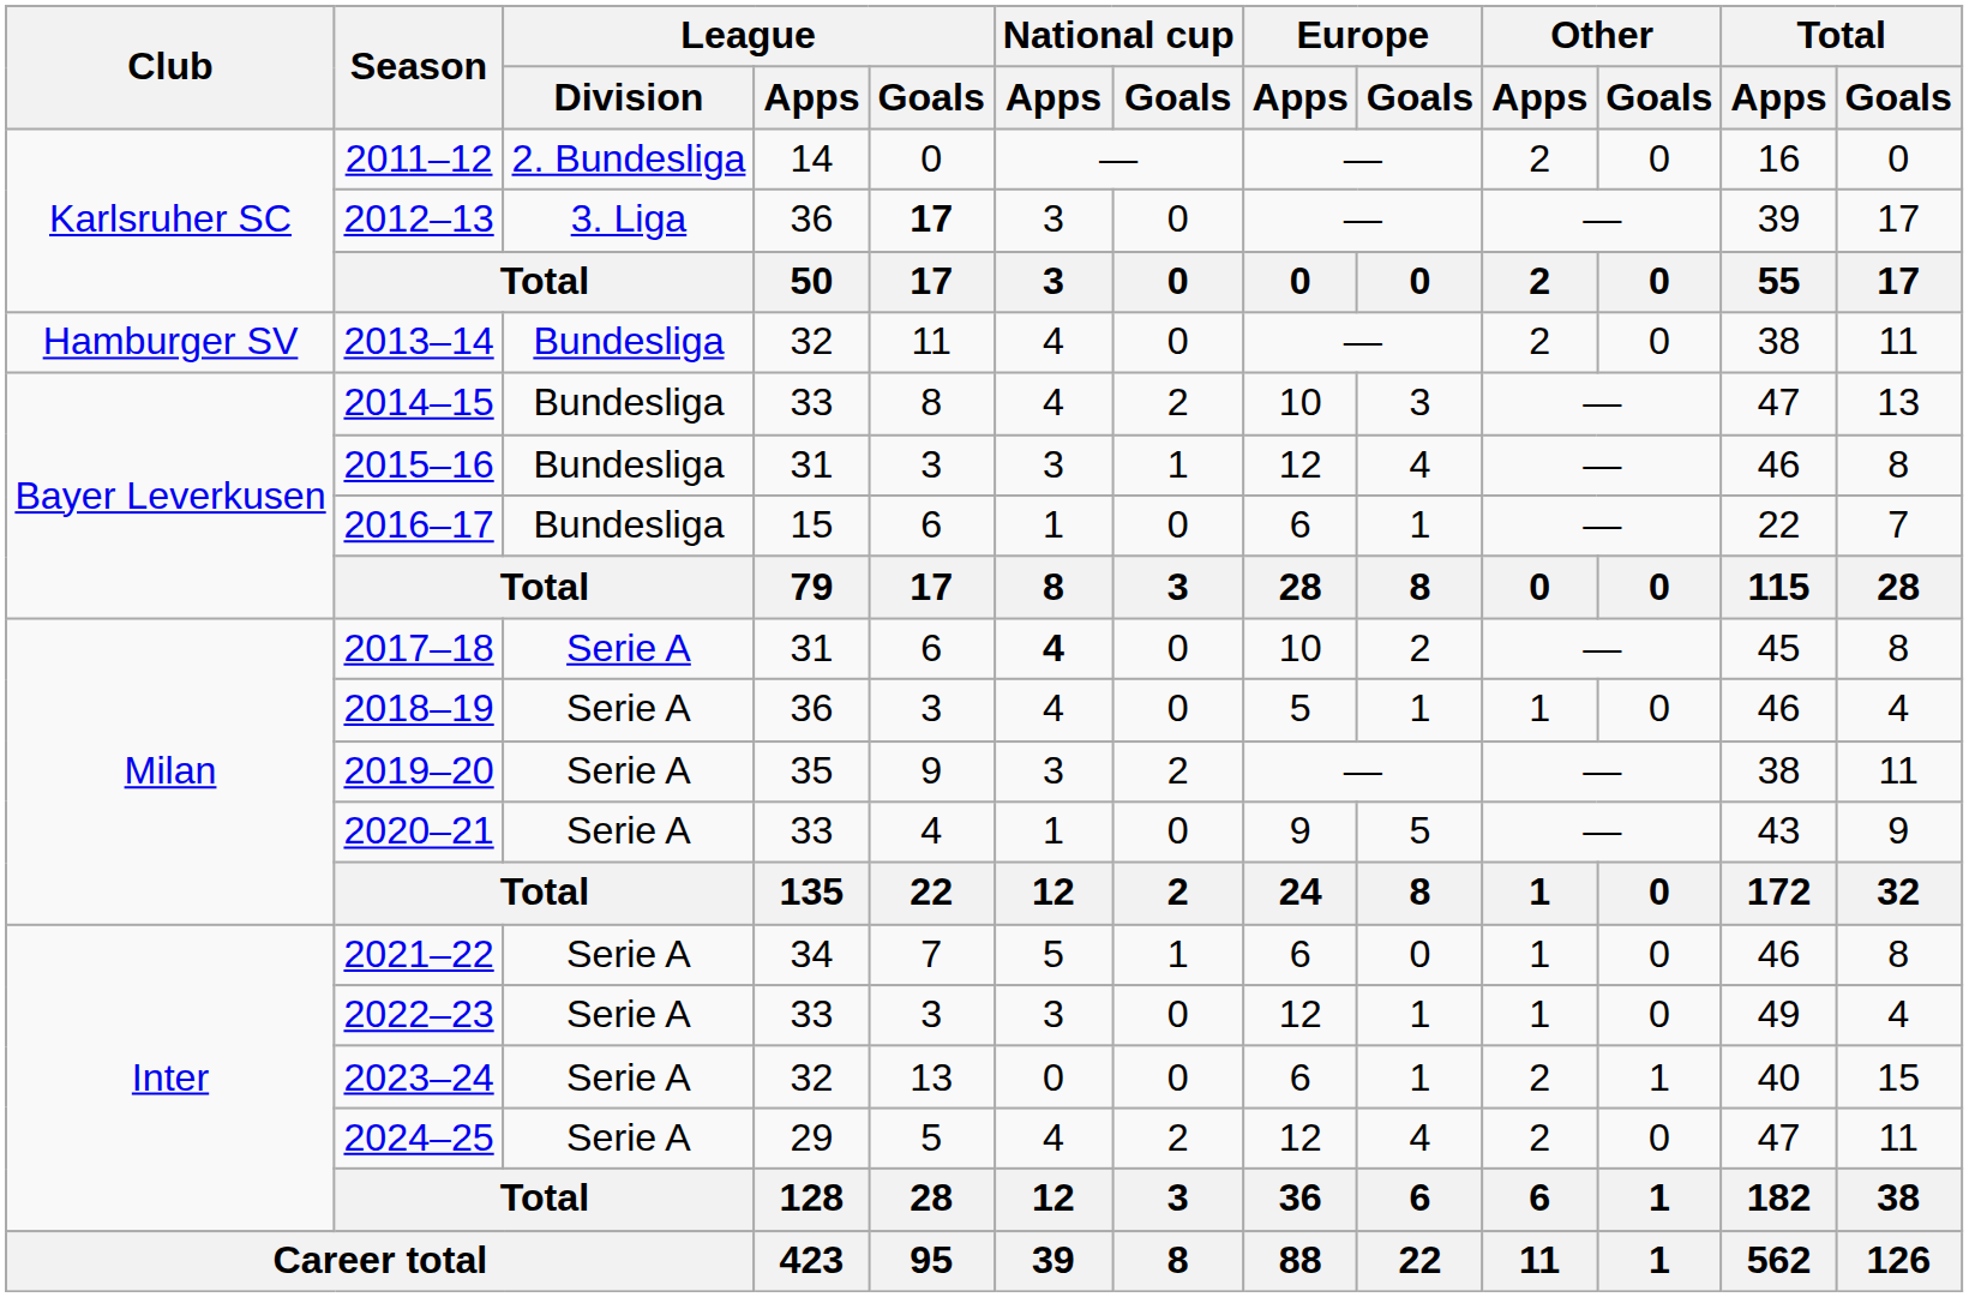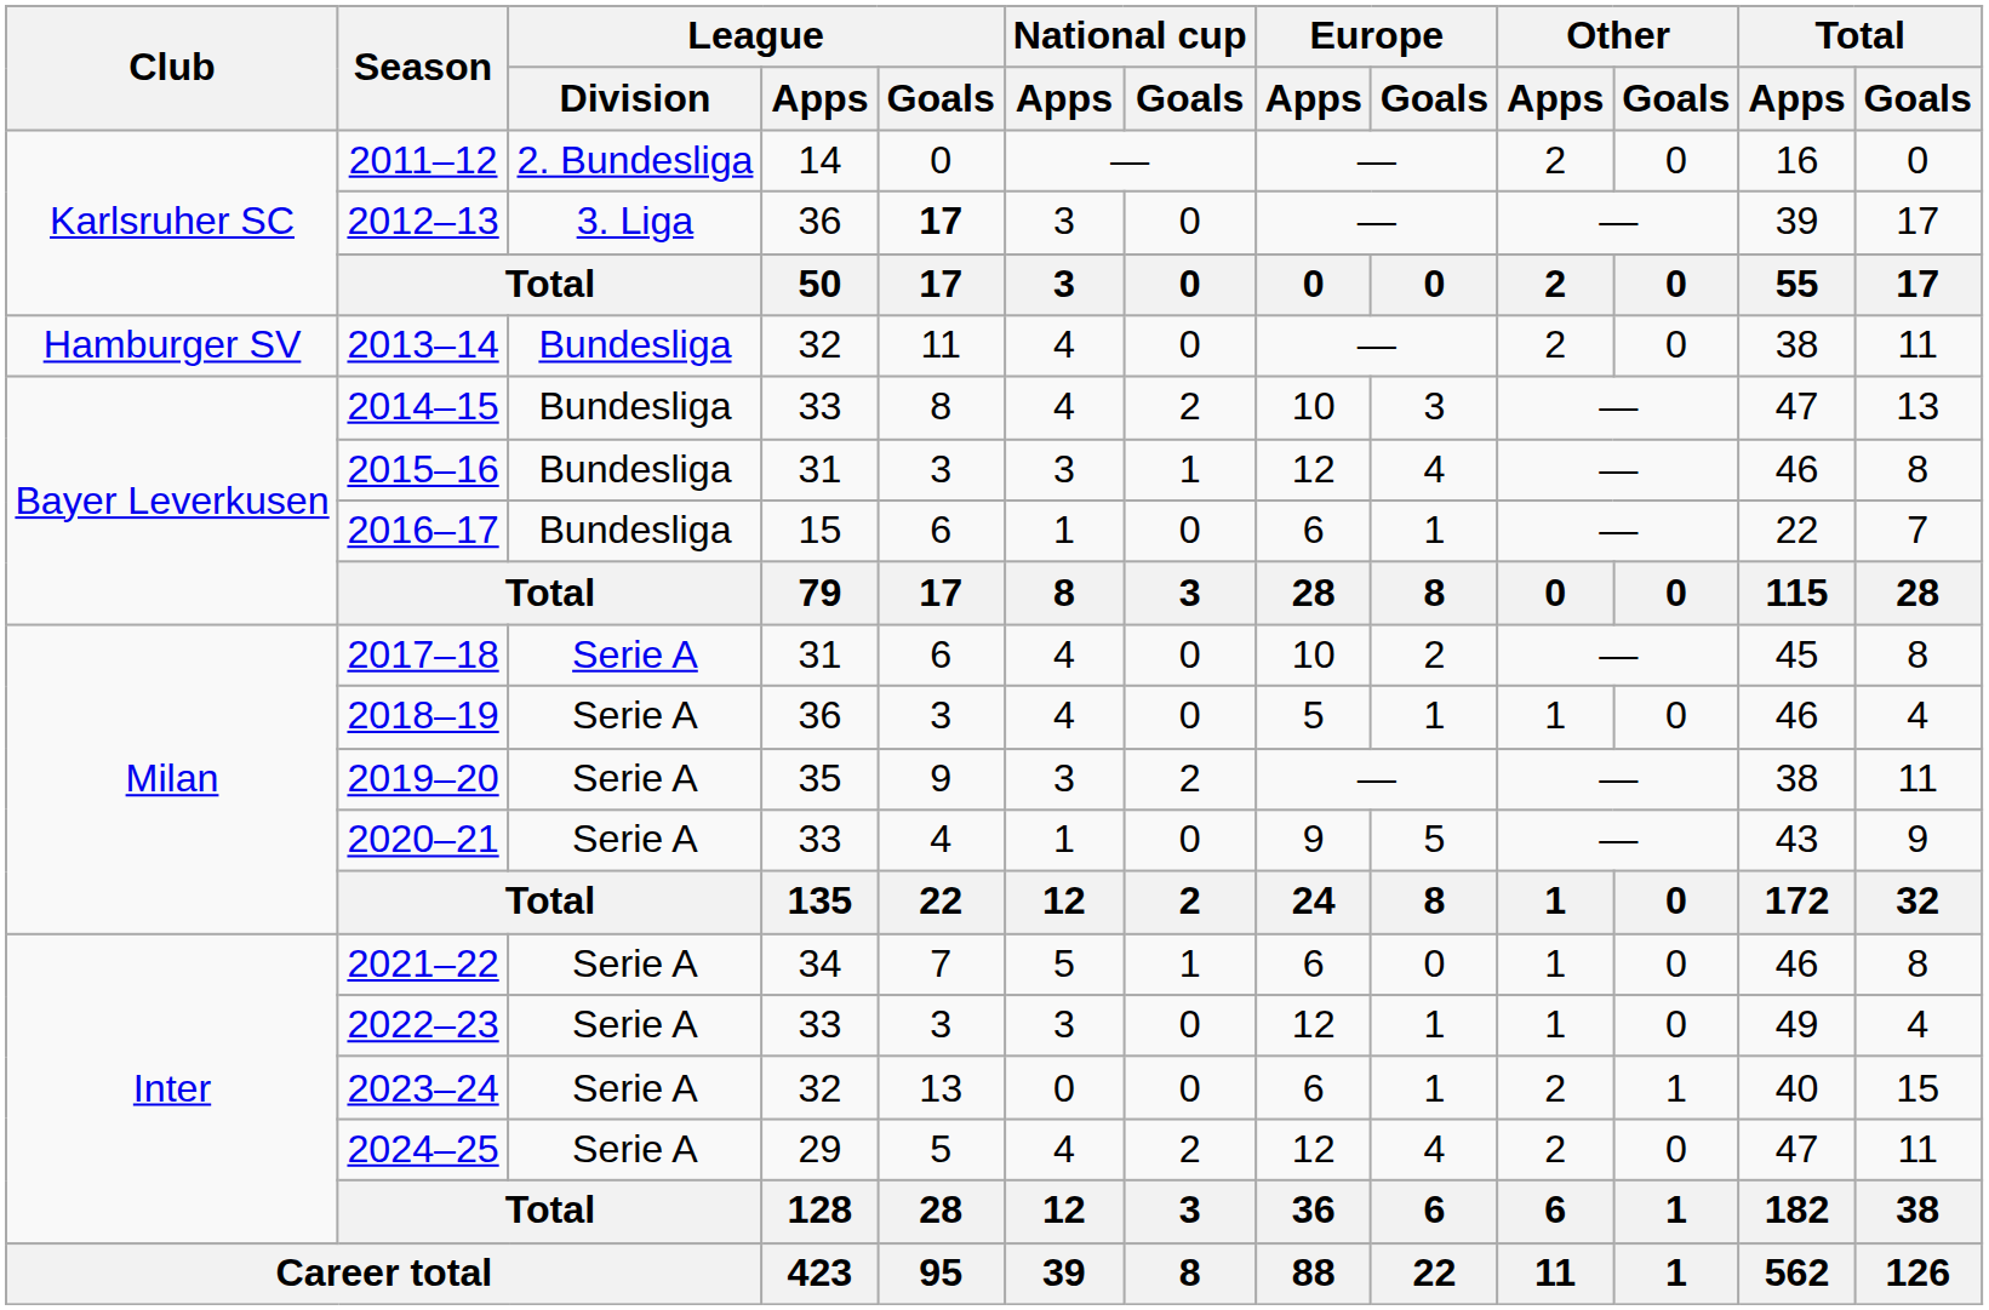 <table class=wikitable style=text-align:center>
 <tr>
 <th rowspan="2">Club</th>
 <th rowspan="2">Season</th>
 <th colspan="3">League</th>
 <th colspan="2">National cup</th>
 <th colspan="2">Europe</th>
 <th colspan="2">Other</th>
 <th colspan="2">Total</th>
 </tr>
 <tr>
 <th>Division</th>
 <th>Apps</th>
 <th>Goals</th>
 <th>Apps</th>
 <th>Goals</th>
 <th>Apps</th>
 <th>Goals</th>
 <th>Apps</th>
 <th>Goals</th>
 <th>Apps</th>
 <th>Goals</th>
 </tr>
 <tr>
 <td rowspan="3"><a href='#'>Karlsruher SC</a></td>
 <td><a href='#'>2011–12</a></td>
 <td><a href='#'>2. Bundesliga</a></td>
 <td>14</td>
 <td>0</td>
 <td colspan="2">—</td>
 <td colspan="2">—</td>
 <td>2</td>
 <td>0</td>
 <td>16</td>
 <td>0</td>
 </tr>
 <tr>
 <td><a href='#'>2012–13</a></td>
 <td><a href='#'>3. Liga</a></td>
 <td>36</td>
 <td><strong>17</strong></td>
 <td>3</td>
 <td>0</td>
 <td colspan="2">—</td>
 <td colspan="2">—</td>
 <td>39</td>
 <td>17</td>
 </tr>
 <tr>
 <th colspan="2">Total</th>
 <th>50</th>
 <th>17</th>
 <th>3</th>
 <th>0</th>
 <th>0</th>
 <th>0</th>
 <th>2</th>
 <th>0</th>
 <th>55</th>
 <th>17</th>
 </tr>
 <tr>
 <td><a href='#'>Hamburger SV</a></td>
 <td><a href='#'>2013–14</a></td>
 <td><a href='#'>Bundesliga</a></td>
 <td>32</td>
 <td>11</td>
 <td>4</td>
 <td>0</td>
 <td colspan="2">—</td>
 <td>2</td>
 <td>0</td>
 <td>38</td>
 <td>11</td>
 </tr>
 <tr>
 <td rowspan="4"><a href='#'>Bayer Leverkusen</a></td>
 <td><a href='#'>2014–15</a></td>
 <td>Bundesliga</td>
 <td>33</td>
 <td>8</td>
 <td>4</td>
 <td>2</td>
 <td>10</td>
 <td>3</td>
 <td colspan="2">—</td>
 <td>47</td>
 <td>13</td>
 </tr>
 <tr>
 <td><a href='#'>2015–16</a></td>
 <td>Bundesliga</td>
 <td>31</td>
 <td>3</td>
 <td>3</td>
 <td>1</td>
 <td>12</td>
 <td>4</td>
 <td colspan="2">—</td>
 <td>46</td>
 <td>8</td>
 </tr>
 <tr>
 <td><a href='#'>2016–17</a></td>
 <td>Bundesliga</td>
 <td>15</td>
 <td>6</td>
 <td>1</td>
 <td>0</td>
 <td>6</td>
 <td>1</td>
 <td colspan="2">—</td>
 <td>22</td>
 <td>7</td>
 </tr>
 <tr>
 <th colspan="2">Total</th>
 <th>79</th>
 <th>17</th>
 <th>8</th>
 <th>3</th>
 <th>28</th>
 <th>8</th>
 <th>0</th>
 <th>0</th>
 <th>115</th>
 <th>28</th>
 </tr>
 <tr>
 <td rowspan="5"><a href='#'>Milan</a></td>
 <td><a href='#'>2017–18</a></td>
 <td><a href='#'>Serie A</a></td>
 <td>31</td>
 <td>6</td>
-<td><strong>4</strong></td>
+<td>4</td>
 <td>0</td>
 <td>10</td>
 <td>2</td>
 <td colspan="2">—</td>
 <td>45</td>
 <td>8</td>
 </tr>
 <tr>
 <td><a href='#'>2018–19</a></td>
 <td>Serie A</td>
 <td>36</td>
 <td>3</td>
 <td>4</td>
 <td>0</td>
 <td>5</td>
 <td>1</td>
 <td>1</td>
 <td>0</td>
 <td>46</td>
 <td>4</td>
 </tr>
 <tr>
 <td><a href='#'>2019–20</a></td>
 <td>Serie A</td>
 <td>35</td>
 <td>9</td>
 <td>3</td>
 <td>2</td>
 <td colspan="2">—</td>
 <td colspan="2">—</td>
 <td>38</td>
 <td>11</td>
 </tr>
 <tr>
 <td><a href='#'>2020–21</a></td>
 <td>Serie A</td>
 <td>33</td>
 <td>4</td>
 <td>1</td>
 <td>0</td>
 <td>9</td>
 <td>5</td>
 <td colspan="2">—</td>
 <td>43</td>
 <td>9</td>
 </tr>
 <tr>
 <th colspan="2">Total</th>
 <th>135</th>
 <th>22</th>
 <th>12</th>
 <th>2</th>
 <th>24</th>
 <th>8</th>
 <th>1</th>
 <th>0</th>
 <th>172</th>
 <th>32</th>
 </tr>
 <tr>
 <td rowspan="5"><a href='#'>Inter</a></td>
 <td><a href='#'>2021–22</a></td>
 <td>Serie A</td>
 <td>34</td>
 <td>7</td>
 <td>5</td>
 <td>1</td>
 <td>6</td>
 <td>0</td>
 <td>1</td>
 <td>0</td>
 <td>46</td>
 <td>8</td>
 </tr>
 <tr>
 <td><a href='#'>2022–23</a></td>
 <td>Serie A</td>
 <td>33</td>
 <td>3</td>
 <td>3</td>
 <td>0</td>
 <td>12</td>
 <td>1</td>
 <td>1</td>
 <td>0</td>
 <td>49</td>
 <td>4</td>
 </tr>
 <tr>
 <td><a href='#'>2023–24</a></td>
 <td>Serie A</td>
 <td>32</td>
 <td>13</td>
 <td>0</td>
 <td>0</td>
 <td>6</td>
 <td>1</td>
 <td>2</td>
 <td>1</td>
 <td>40</td>
 <td>15</td>
 </tr>
 <tr>
 <td><a href='#'>2024–25</a></td>
 <td>Serie A</td>
 <td>29</td>
 <td>5</td>
 <td>4</td>
 <td>2</td>
 <td>12</td>
 <td>4</td>
 <td>2</td>
 <td>0</td>
 <td>47</td>
 <td>11</td>
 </tr>
 <tr>
 <th colspan="2">Total</th>
 <th>128</th>
 <th>28</th>
 <th>12</th>
 <th>3</th>
 <th>36</th>
 <th>6</th>
 <th>6</th>
 <th>1</th>
 <th>182</th>
 <th>38</th>
 </tr>
 <tr>
 <th colspan="3">Career total</th>
 <th>423</th>
 <th>95</th>
 <th>39</th>
 <th>8</th>
 <th>88</th>
 <th>22</th>
 <th>11</th>
 <th>1</th>
 <th>562</th>
 <th>126</th>
 </tr>
 </table>
